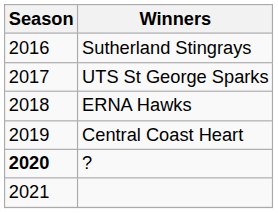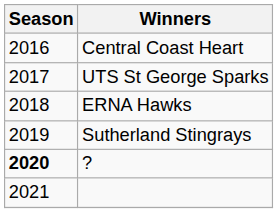 <table class="wikitable collapsible">
 <tr>
 <th>Season</th>
 <th>Winners</th>
 </tr>
 <tr>
 <td>2016</td>
-<td>Sutherland Stingrays</td>
+<td>Central Coast Heart</td>
 </tr>
 <tr>
 <td>2017</td>
 <td>UTS St George Sparks</td>
 </tr>
 <tr>
 <td>2018</td>
 <td>ERNA Hawks</td>
 </tr>
 <tr>
 <td>2019</td>
-<td>Central Coast Heart</td>
+<td>Sutherland Stingrays</td>
 </tr>
 <tr>
 <td><strong>2020</strong></td>
 <td>?</td>
 </tr>
 <tr>
 <td>2021</td>
 <td><em></em></td>
 </tr>
 <tr>
 </tr>
 </table>
